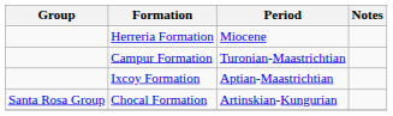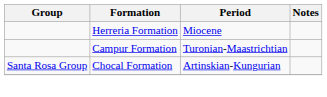 <table class="wikitable sortable">
 <tr>
 <th>Group</th>
 <th>Formation</th>
 <th>Period</th>
 <th class="unsortable">Notes</th>
 </tr>
 <tr>
 <td></td>
 <td><a href='#'>Herreria Formation</a></td>
 <td style="background-color: "><a href='#'>Miocene</a></td>
 <td align=center></td>
 </tr>
 <tr>
 <td></td>
 <td><a href='#'>Campur Formation</a></td>
 <td style="background-color: "><a href='#'>Turonian</a>-<a href='#'>Maastrichtian</a></td>
 <td align=center></td>
 </tr>
 <tr>
-<td></td>
-<td><a href='#'>Ixcoy Formation</a></td>
-<td style="background-color: "><a href='#'>Aptian</a>-<a href='#'>Maastrichtian</a></td>
-<td align=center></td>
-</tr>
-<tr>
 <td><a href='#'>Santa Rosa Group</a></td>
 <td><a href='#'>Chocal Formation</a></td>
 <td style="background-color: "><a href='#'>Artinskian</a>-<a href='#'>Kungurian</a></td>
 <td align=center></td>
 </tr>
 <tr>
 </tr>
 </table>
